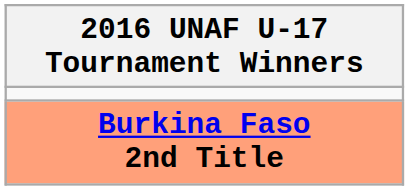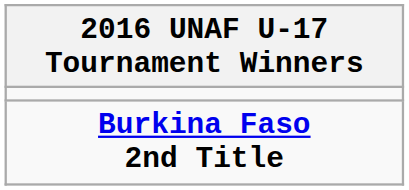 <table class="wikitable" style="text-align: center; margin: 0 auto; width: 20%">
 <tr>
 <th>2016 UNAF U-17 Tournament Winners</th>
 </tr>
 <tr>
 <td></td>
 </tr>
 <tr>
-<td style="background: lightsalmon;"><strong><a href='#'>Burkina Faso</a></strong><br><strong>2nd Title</strong></td>
+<td><strong><a href='#'>Burkina Faso</a></strong><br><strong>2nd Title</strong></td>
 </tr>
 </table>
